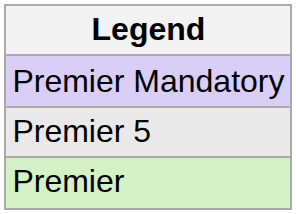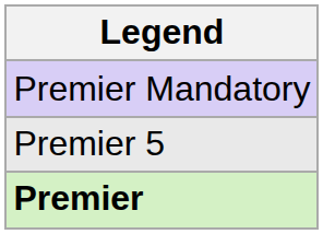 <table class="wikitable">
 <tr>
 <th>Legend</th>
 </tr>
 <tr>
 <td bgcolor="#d8cef6">Premier Mandatory</td>
 </tr>
 <tr>
 <td bgcolor="#E9E9E9">Premier 5</td>
 </tr>
 <tr>
-<td bgcolor="#D4F1C5">Premier</td>
+<td bgcolor="#D4F1C5"><strong>Premier</strong></td>
 </tr>
 </table>
